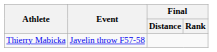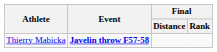 <table class="wikitable" style="font-size:90%">
 <tr>
 <th rowspan="2">Athlete</th>
 <th rowspan="2">Event</th>
 <th colspan="2">Final</th>
 </tr>
 <tr>
 <th>Distance</th>
 <th>Rank</th>
 </tr>
 <tr align=center>
 <td align=left><a href='#'>Thierry Mabicka</a></td>
-<td align=left><a href='#'>Javelin throw F57-58</a></td>
+<td align=left><strong><a href='#'>Javelin throw F57-58</a></strong></td>
 <td colspan=2></td>
 </tr>
 </table>
